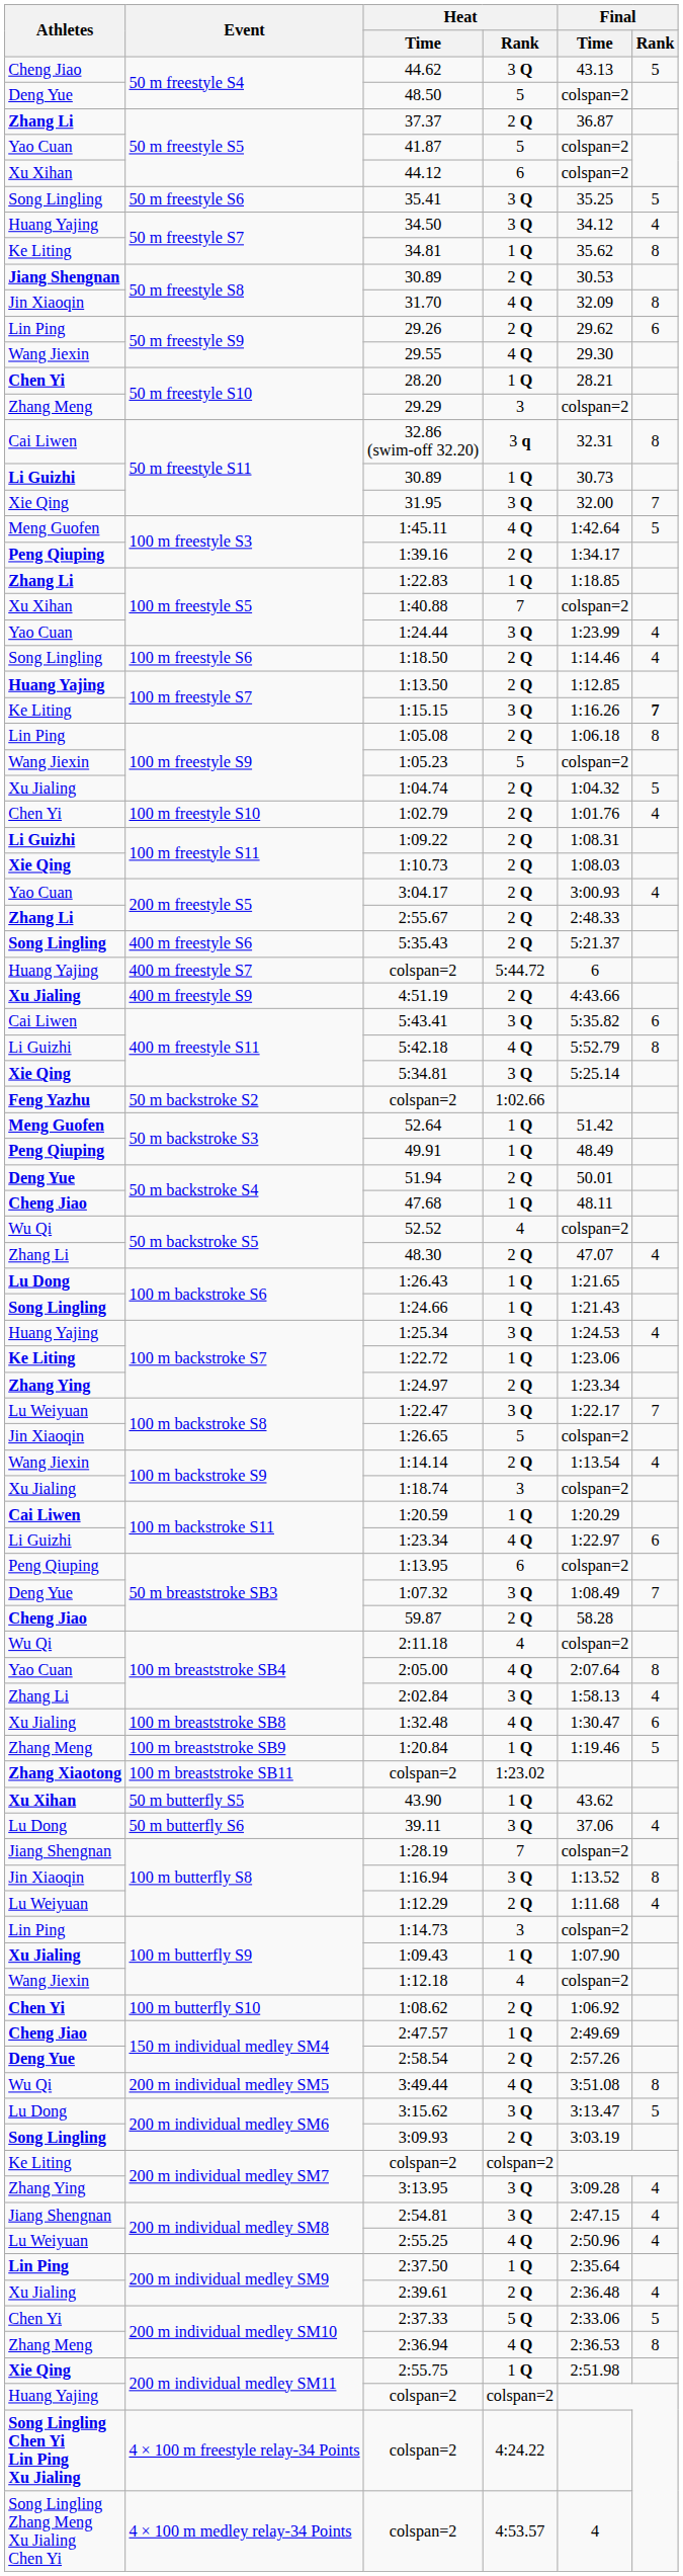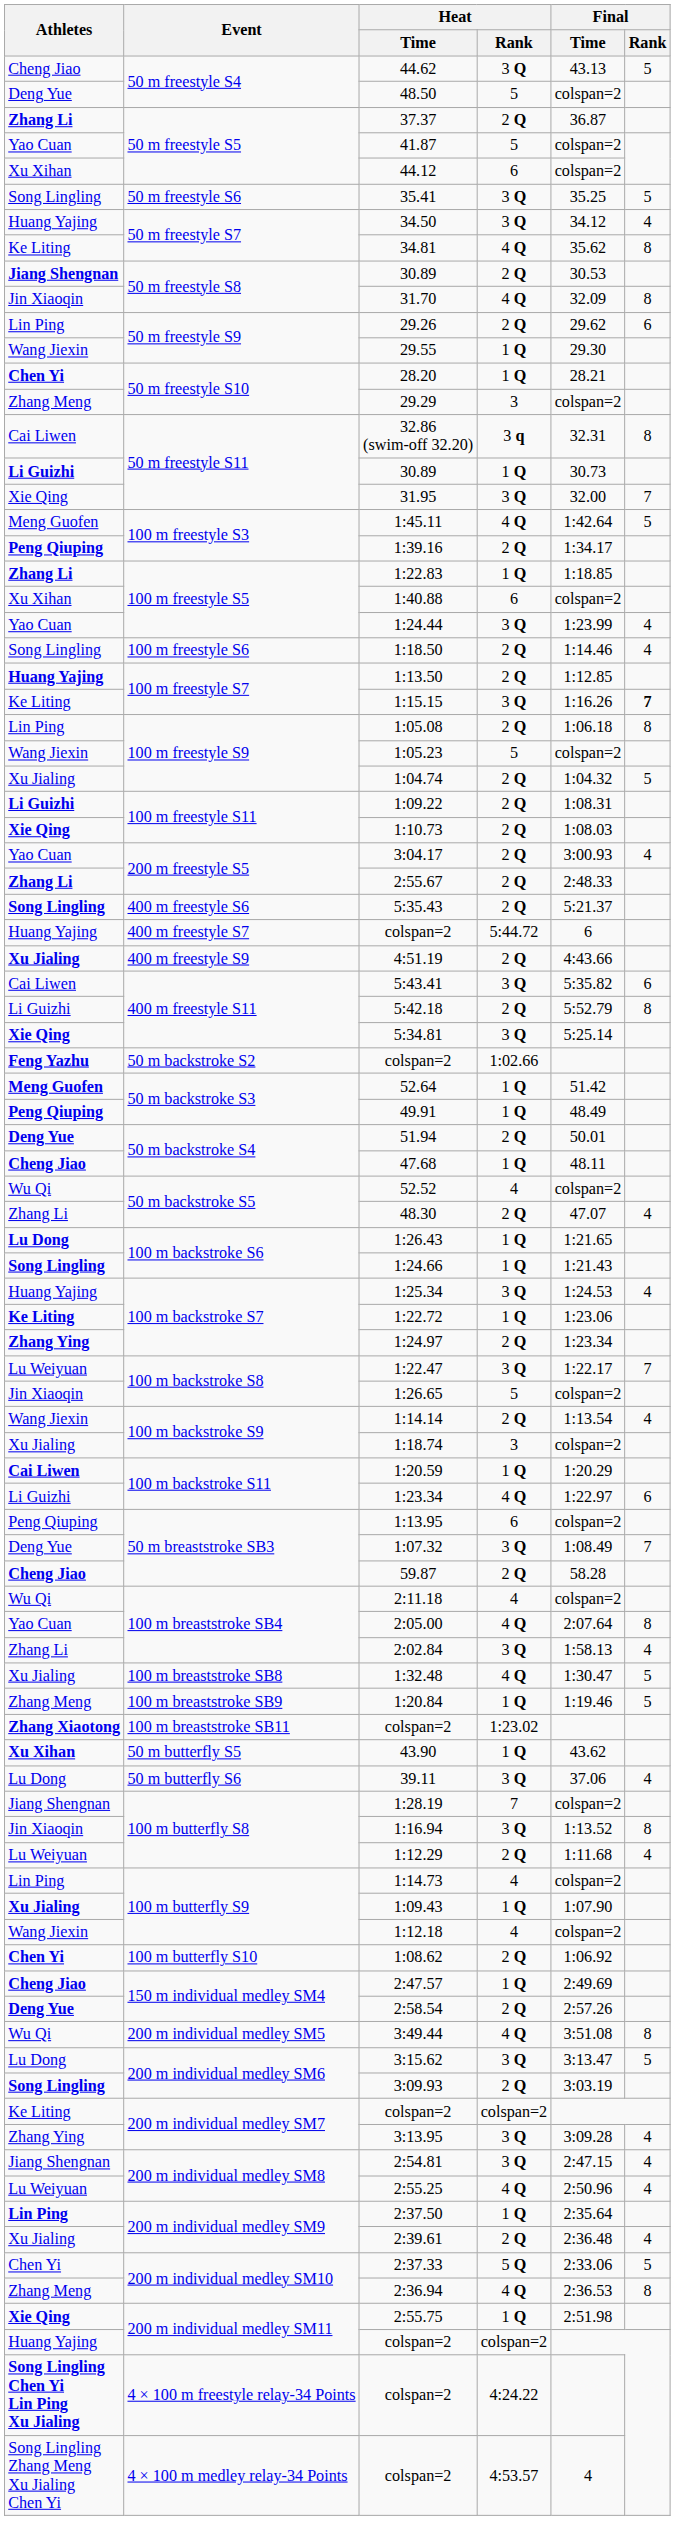 <table class=wikitable>
 <tr>
 <th rowspan="2">Athletes</th>
 <th rowspan="2">Event</th>
 <th colspan="2">Heat</th>
 <th colspan="2">Final</th>
 </tr>
 <tr>
 <th>Time</th>
 <th>Rank</th>
 <th>Time</th>
 <th>Rank</th>
 </tr>
 <tr align=center>
 <td align=left><a href='#'>Cheng Jiao</a></td>
 <td align=left rowspan=2><a href='#'>50 m freestyle S4</a></td>
 <td>44.62</td>
 <td>3 <strong>Q</strong></td>
 <td>43.13</td>
 <td>5</td>
 </tr>
 <tr align=center>
 <td align=left><a href='#'>Deng Yue</a></td>
 <td>48.50</td>
 <td>5</td>
 <td>colspan=2</td>
 </tr>
 <tr align=center>
 <td align=left><strong><a href='#'>Zhang Li</a></strong></td>
 <td align=left rowspan=3><a href='#'>50 m freestyle S5</a></td>
 <td>37.37</td>
 <td>2 <strong>Q</strong></td>
 <td>36.87</td>
 <td></td>
 </tr>
 <tr align=center>
 <td align=left><a href='#'>Yao Cuan</a></td>
 <td>41.87</td>
 <td>5</td>
 <td>colspan=2</td>
 </tr>
 <tr align=center>
 <td align=left><a href='#'>Xu Xihan</a></td>
 <td>44.12</td>
 <td>6</td>
 <td>colspan=2</td>
 </tr>
 <tr align=center>
 <td align=left><a href='#'>Song Lingling</a></td>
 <td align=left><a href='#'>50 m freestyle S6</a></td>
 <td>35.41</td>
 <td>3 <strong>Q</strong></td>
 <td>35.25</td>
 <td>5</td>
 </tr>
 <tr align=center>
 <td align=left><a href='#'>Huang Yajing</a></td>
 <td align=left rowspan=2><a href='#'>50 m freestyle S7</a></td>
 <td>34.50</td>
 <td>3 <strong>Q</strong></td>
 <td>34.12</td>
 <td>4</td>
 </tr>
 <tr align=center>
 <td align=left><a href='#'>Ke Liting</a></td>
 <td>34.81</td>
-<td>1 <strong>Q</strong></td>
+<td>4 <strong>Q</strong></td>
 <td>35.62</td>
 <td>8</td>
 </tr>
 <tr align=center>
 <td align=left><strong><a href='#'>Jiang Shengnan</a></strong></td>
 <td align=left rowspan=2><a href='#'>50 m freestyle S8</a></td>
 <td>30.89</td>
 <td>2 <strong>Q</strong></td>
 <td>30.53</td>
 <td></td>
 </tr>
 <tr align=center>
 <td align=left><a href='#'>Jin Xiaoqin</a></td>
 <td>31.70</td>
 <td>4 <strong>Q</strong></td>
 <td>32.09</td>
 <td>8</td>
 </tr>
 <tr align=center>
 <td align=left><a href='#'>Lin Ping</a></td>
 <td align=left rowspan=2><a href='#'>50 m freestyle S9</a></td>
 <td>29.26</td>
 <td>2 <strong>Q</strong></td>
 <td>29.62</td>
 <td>6</td>
 </tr>
 <tr align=center>
 <td align=left><a href='#'>Wang Jiexin</a></td>
 <td>29.55</td>
-<td>4 <strong>Q</strong></td>
+<td>1 <strong>Q</strong></td>
 <td>29.30</td>
 <td></td>
 </tr>
 <tr align=center>
 <td align=left><strong><a href='#'>Chen Yi</a></strong></td>
 <td align=left rowspan=2><a href='#'>50 m freestyle S10</a></td>
 <td>28.20</td>
 <td>1 <strong>Q</strong></td>
 <td>28.21</td>
 <td></td>
 </tr>
 <tr align=center>
 <td align=left><a href='#'>Zhang Meng</a></td>
 <td>29.29</td>
 <td>3</td>
 <td>colspan=2</td>
 </tr>
 <tr align=center>
 <td align=left><a href='#'>Cai Liwen</a></td>
 <td align=left rowspan=3><a href='#'>50 m freestyle S11</a></td>
 <td>32.86<br>(swim-off 32.20)</td>
 <td>3 <strong>q</strong></td>
 <td>32.31</td>
 <td>8</td>
 </tr>
 <tr align=center>
 <td align=left><strong><a href='#'>Li Guizhi</a></strong></td>
 <td>30.89</td>
 <td>1 <strong>Q</strong></td>
 <td>30.73 </td>
 <td></td>
 </tr>
 <tr align=center>
 <td align=left><a href='#'>Xie Qing</a></td>
 <td>31.95</td>
 <td>3 <strong>Q</strong></td>
 <td>32.00</td>
 <td>7</td>
 </tr>
 <tr align=center>
 <td align=left><a href='#'>Meng Guofen</a></td>
 <td align=left rowspan=2><a href='#'>100 m freestyle S3</a></td>
 <td>1:45.11</td>
 <td>4 <strong>Q</strong></td>
 <td>1:42.64</td>
 <td>5</td>
 </tr>
 <tr align=center>
 <td align=left><strong><a href='#'>Peng Qiuping</a></strong></td>
 <td>1:39.16</td>
 <td>2 <strong>Q</strong></td>
 <td>1:34.17</td>
 <td></td>
 </tr>
 <tr align=center>
 <td align=left><strong><a href='#'>Zhang Li</a></strong></td>
 <td align=left rowspan=3><a href='#'>100 m freestyle S5</a></td>
 <td>1:22.83</td>
 <td>1 <strong>Q</strong></td>
 <td>1:18.85</td>
 <td></td>
 </tr>
 <tr align=center>
 <td align=left><a href='#'>Xu Xihan</a></td>
 <td>1:40.88</td>
-<td>7</td>
+<td>6</td>
 <td>colspan=2</td>
 </tr>
 <tr align=center>
 <td align=left><a href='#'>Yao Cuan</a></td>
 <td>1:24.44</td>
 <td>3 <strong>Q</strong></td>
 <td>1:23.99</td>
 <td>4</td>
 </tr>
 <tr align=center>
 <td align=left><a href='#'>Song Lingling</a></td>
 <td align=left><a href='#'>100 m freestyle S6</a></td>
 <td>1:18.50</td>
 <td>2 <strong>Q</strong></td>
 <td>1:14.46</td>
 <td>4</td>
 </tr>
 <tr align=center>
 <td align=left><strong><a href='#'>Huang Yajing</a></strong></td>
 <td align=left rowspan=2><a href='#'>100 m freestyle S7</a></td>
 <td>1:13.50</td>
 <td>2 <strong>Q</strong></td>
 <td>1:12.85</td>
 <td></td>
 </tr>
 <tr align=center>
 <td align=left><a href='#'>Ke Liting</a></td>
 <td>1:15.15</td>
 <td>3 <strong>Q</strong></td>
 <td>1:16.26</td>
 <td><strong>7</strong></td>
 </tr>
 <tr align=center>
 <td align=left><a href='#'>Lin Ping</a></td>
 <td align=left rowspan=3><a href='#'>100 m freestyle S9</a></td>
 <td>1:05.08</td>
 <td>2 <strong>Q</strong></td>
 <td>1:06.18</td>
 <td>8</td>
 </tr>
 <tr align=center>
 <td align=left><a href='#'>Wang Jiexin</a></td>
 <td>1:05.23</td>
 <td>5</td>
 <td>colspan=2</td>
 </tr>
 <tr align=center>
 <td align=left><a href='#'>Xu Jialing</a></td>
 <td>1:04.74</td>
 <td>2 <strong>Q</strong></td>
 <td>1:04.32</td>
 <td>5</td>
-</tr>
-<tr align=center>
-<td align=left><a href='#'>Chen Yi</a></td>
-<td align=left><a href='#'>100 m freestyle S10</a></td>
-<td>1:02.79</td>
-<td>2 <strong>Q</strong></td>
-<td>1:01.76</td>
-<td>4</td>
 </tr>
 <tr align=center>
 <td align=left><strong><a href='#'>Li Guizhi</a></strong></td>
 <td align=left rowspan=2><a href='#'>100 m freestyle S11</a></td>
 <td>1:09.22</td>
 <td>2 <strong>Q</strong></td>
 <td>1:08.31</td>
 <td></td>
 </tr>
 <tr align=center>
 <td align=left><strong><a href='#'>Xie Qing</a></strong></td>
 <td>1:10.73</td>
 <td>2 <strong>Q</strong></td>
 <td>1:08.03</td>
 <td></td>
 </tr>
 <tr align=center>
 <td align=left><a href='#'>Yao Cuan</a></td>
 <td align=left rowspan=2><a href='#'>200 m freestyle S5</a></td>
 <td>3:04.17</td>
 <td>2 <strong>Q</strong></td>
 <td>3:00.93</td>
 <td>4</td>
 </tr>
 <tr align=center>
 <td align=left><strong><a href='#'>Zhang Li</a></strong></td>
 <td>2:55.67</td>
 <td>2 <strong>Q</strong></td>
 <td>2:48.33</td>
 <td></td>
 </tr>
 <tr align=center>
 <td align=left><strong><a href='#'>Song Lingling</a></strong></td>
 <td align=left><a href='#'>400 m freestyle S6</a></td>
 <td>5:35.43</td>
 <td>2 <strong>Q</strong></td>
 <td>5:21.37</td>
 <td></td>
 </tr>
 <tr align=center>
 <td align=left><a href='#'>Huang Yajing</a></td>
 <td align=left><a href='#'>400 m freestyle S7</a></td>
 <td>colspan=2 </td>
 <td>5:44.72</td>
 <td>6</td>
 </tr>
 <tr align=center>
 <td align=left><strong><a href='#'>Xu Jialing</a></strong></td>
 <td align=left><a href='#'>400 m freestyle S9</a></td>
 <td>4:51.19</td>
 <td>2 <strong>Q</strong></td>
 <td>4:43.66</td>
 <td></td>
 </tr>
 <tr align=center>
 <td align=left><a href='#'>Cai Liwen</a></td>
 <td align=left rowspan=3><a href='#'>400 m freestyle S11</a></td>
 <td>5:43.41</td>
 <td>3 <strong>Q</strong></td>
 <td>5:35.82</td>
 <td>6</td>
 </tr>
 <tr align=center>
 <td align=left><a href='#'>Li Guizhi</a></td>
 <td>5:42.18</td>
-<td>4 <strong>Q</strong></td>
+<td>2 <strong>Q</strong></td>
 <td>5:52.79</td>
 <td>8</td>
 </tr>
 <tr align=center>
 <td align=left><strong><a href='#'>Xie Qing</a></strong></td>
 <td>5:34.81</td>
 <td>3 <strong>Q</strong></td>
 <td>5:25.14</td>
 <td></td>
 </tr>
 <tr align=center>
 <td align=left><strong><a href='#'>Feng Yazhu</a></strong></td>
 <td align=left><a href='#'>50 m backstroke S2</a></td>
 <td>colspan=2 </td>
 <td>1:02.66</td>
 <td></td>
 </tr>
 <tr align=center>
 <td align=left><strong><a href='#'>Meng Guofen</a></strong></td>
 <td align=left rowspan=2><a href='#'>50 m backstroke S3</a></td>
 <td>52.64</td>
 <td>1 <strong>Q</strong></td>
 <td>51.42</td>
 <td></td>
 </tr>
 <tr align=center>
 <td align=left><strong><a href='#'>Peng Qiuping</a></strong></td>
 <td>49.91 </td>
 <td>1 <strong>Q</strong></td>
 <td>48.49 </td>
 <td></td>
 </tr>
 <tr align=center>
 <td align=left><strong><a href='#'>Deng Yue</a></strong></td>
 <td align=left rowspan=2><a href='#'>50 m backstroke S4</a></td>
 <td>51.94</td>
 <td>2 <strong>Q</strong></td>
 <td>50.01</td>
 <td></td>
 </tr>
 <tr align=center>
 <td align=left><strong><a href='#'>Cheng Jiao</a></strong></td>
 <td>47.68 </td>
 <td>1 <strong>Q</strong></td>
 <td>48.11</td>
 <td></td>
 </tr>
 <tr align=center>
 <td align=left><a href='#'>Wu Qi</a></td>
 <td align=left rowspan=2><a href='#'>50 m backstroke S5</a></td>
 <td>52.52</td>
 <td>4</td>
 <td>colspan=2 </td>
 </tr>
 <tr align=center>
 <td align=left><a href='#'>Zhang Li</a></td>
 <td>48.30</td>
 <td>2 <strong>Q</strong></td>
 <td>47.07</td>
 <td>4</td>
 </tr>
 <tr align=center>
 <td align=left><strong><a href='#'>Lu Dong</a></strong></td>
 <td align=left rowspan=2><a href='#'>100 m backstroke S6</a></td>
 <td>1:26.43</td>
 <td>1 <strong>Q</strong></td>
 <td>1:21.65</td>
 <td></td>
 </tr>
 <tr align=center>
 <td align=left><strong><a href='#'>Song Lingling</a></strong></td>
 <td>1:24.66 </td>
 <td>1 <strong>Q</strong></td>
 <td>1:21.43</td>
 <td></td>
 </tr>
 <tr align=center>
 <td align=left><a href='#'>Huang Yajing</a></td>
 <td align=left rowspan=3><a href='#'>100 m backstroke S7</a></td>
 <td>1:25.34</td>
 <td>3 <strong>Q</strong></td>
 <td>1:24.53</td>
 <td>4</td>
 </tr>
 <tr align=center>
 <td align=left><strong><a href='#'>Ke Liting</a></strong></td>
 <td>1:22.72</td>
 <td>1 <strong>Q</strong></td>
 <td>1:23.06</td>
 <td></td>
 </tr>
 <tr align=center>
 <td align=left><strong><a href='#'>Zhang Ying</a></strong></td>
 <td>1:24.97</td>
 <td>2 <strong>Q</strong></td>
 <td>1:23.34</td>
 <td></td>
 </tr>
 <tr align=center>
 <td align=left><a href='#'>Lu Weiyuan</a></td>
 <td align=left rowspan=2><a href='#'>100 m backstroke S8</a></td>
 <td>1:22.47</td>
 <td>3 <strong>Q</strong></td>
 <td>1:22.17</td>
 <td>7</td>
 </tr>
 <tr align=center>
 <td align=left><a href='#'>Jin Xiaoqin</a></td>
 <td>1:26.65</td>
 <td>5</td>
 <td>colspan=2 </td>
 </tr>
 <tr align=center>
 <td align=left><a href='#'>Wang Jiexin</a></td>
 <td align=left rowspan=2><a href='#'>100 m backstroke S9</a></td>
 <td>1:14.14</td>
 <td>2 <strong>Q</strong></td>
 <td>1:13.54</td>
 <td>4</td>
 </tr>
 <tr align=center>
 <td align=left><a href='#'>Xu Jialing</a></td>
 <td>1:18.74</td>
 <td>3</td>
 <td>colspan=2 </td>
 </tr>
 <tr align=center>
 <td align=left><strong><a href='#'>Cai Liwen</a></strong></td>
 <td align=left rowspan=2><a href='#'>100 m backstroke S11</a></td>
 <td>1:20.59</td>
 <td>1 <strong>Q</strong></td>
 <td>1:20.29</td>
 <td></td>
 </tr>
 <tr align=center>
 <td align=left><a href='#'>Li Guizhi</a></td>
 <td>1:23.34</td>
 <td>4 <strong>Q</strong></td>
 <td>1:22.97</td>
 <td>6</td>
 </tr>
 <tr align=center>
 <td align=left><a href='#'>Peng Qiuping</a></td>
 <td align=left rowspan=3><a href='#'>50 m breaststroke SB3</a></td>
 <td>1:13.95</td>
 <td>6</td>
 <td>colspan=2</td>
 </tr>
 <tr align=center>
 <td align=left><a href='#'>Deng Yue</a></td>
 <td>1:07.32</td>
 <td>3 <strong>Q</strong></td>
 <td>1:08.49</td>
 <td>7</td>
 </tr>
 <tr align=center>
 <td align=left><strong><a href='#'>Cheng Jiao</a></strong></td>
 <td>59.87</td>
 <td>2 <strong>Q</strong></td>
 <td>58.28</td>
 <td></td>
 </tr>
 <tr align=center>
 <td align=left><a href='#'>Wu Qi</a></td>
 <td align=left rowspan=3><a href='#'>100 m breaststroke SB4</a></td>
 <td>2:11.18</td>
 <td>4</td>
 <td>colspan=2 </td>
 </tr>
 <tr align=center>
 <td align=left><a href='#'>Yao Cuan</a></td>
 <td>2:05.00</td>
 <td>4 <strong>Q</strong></td>
 <td>2:07.64</td>
 <td>8</td>
 </tr>
 <tr align=center>
 <td align=left><a href='#'>Zhang Li</a></td>
 <td>2:02.84</td>
 <td>3 <strong>Q</strong></td>
 <td>1:58.13</td>
 <td>4</td>
 </tr>
 <tr align=center>
 <td align=left><a href='#'>Xu Jialing</a></td>
 <td align=left><a href='#'>100 m breaststroke SB8</a></td>
 <td>1:32.48</td>
 <td>4 <strong>Q</strong></td>
 <td>1:30.47</td>
-<td>6</td>
+<td>5</td>
 </tr>
 <tr align=center>
 <td align=left><a href='#'>Zhang Meng</a></td>
 <td align=left><a href='#'>100 m breaststroke SB9</a></td>
 <td>1:20.84</td>
 <td>1 <strong>Q</strong></td>
 <td>1:19.46</td>
 <td>5</td>
 </tr>
 <tr align=center>
 <td align=left><strong><a href='#'>Zhang Xiaotong</a></strong></td>
 <td align=left><a href='#'>100 m breaststroke SB11</a></td>
 <td>colspan=2</td>
 <td>1:23.02</td>
 <td></td>
 </tr>
 <tr align=center>
 <td align=left><strong><a href='#'>Xu Xihan</a></strong></td>
 <td align=left><a href='#'>50 m butterfly S5</a></td>
 <td>43.90</td>
 <td>1 <strong>Q</strong></td>
 <td>43.62</td>
 <td></td>
 </tr>
 <tr align=center>
 <td align=left><a href='#'>Lu Dong</a></td>
 <td align=left><a href='#'>50 m butterfly S6</a></td>
 <td>39.11</td>
 <td>3 <strong>Q</strong></td>
 <td>37.06</td>
 <td>4</td>
 </tr>
 <tr align=center>
 <td align=left><a href='#'>Jiang Shengnan</a></td>
 <td align=left rowspan=3><a href='#'>100 m butterfly S8</a></td>
 <td>1:28.19</td>
 <td>7</td>
 <td>colspan=2</td>
 </tr>
 <tr align=center>
 <td align=left><a href='#'>Jin Xiaoqin</a></td>
 <td>1:16.94</td>
 <td>3 <strong>Q</strong></td>
 <td>1:13.52</td>
 <td>8</td>
 </tr>
 <tr align=center>
 <td align=left><a href='#'>Lu Weiyuan</a></td>
 <td>1:12.29</td>
 <td>2 <strong>Q</strong></td>
 <td>1:11.68</td>
 <td>4</td>
 </tr>
 <tr align=center>
 <td align=left><a href='#'>Lin Ping</a></td>
 <td align=left rowspan=3><a href='#'>100 m butterfly S9</a></td>
 <td>1:14.73</td>
-<td>3</td>
+<td>4</td>
 <td>colspan=2</td>
 </tr>
 <tr align=center>
 <td align=left><strong><a href='#'>Xu Jialing</a></strong></td>
 <td>1:09.43</td>
 <td>1 <strong>Q</strong></td>
 <td>1:07.90</td>
 <td></td>
 </tr>
 <tr align=center>
 <td align=left><a href='#'>Wang Jiexin</a></td>
 <td>1:12.18</td>
 <td>4</td>
 <td>colspan=2</td>
 </tr>
 <tr align=center>
 <td align=left><strong><a href='#'>Chen Yi</a></strong></td>
 <td align=left><a href='#'>100 m butterfly S10</a></td>
 <td>1:08.62</td>
 <td>2 <strong>Q</strong></td>
 <td>1:06.92</td>
 <td></td>
 </tr>
 <tr align=center>
 <td align=left><strong><a href='#'>Cheng Jiao</a></strong></td>
 <td align=left rowspan=2><a href='#'>150 m individual medley SM4</a></td>
 <td>2:47.57 </td>
 <td>1 <strong>Q</strong></td>
 <td>2:49.69</td>
 <td></td>
 </tr>
 <tr align=center>
 <td align=left><strong><a href='#'>Deng Yue</a></strong></td>
 <td>2:58.54</td>
 <td>2 <strong>Q</strong></td>
 <td>2:57.26</td>
 <td></td>
 </tr>
 <tr align=center>
 <td align=left><a href='#'>Wu Qi</a></td>
 <td align=left><a href='#'>200 m individual medley SM5</a></td>
 <td>3:49.44</td>
 <td>4 <strong>Q</strong></td>
 <td>3:51.08</td>
 <td>8</td>
 </tr>
 <tr align=center>
 <td align=left><a href='#'>Lu Dong</a></td>
 <td align=left rowspan=2><a href='#'>200 m individual medley SM6</a></td>
 <td>3:15.62</td>
 <td>3 <strong>Q</strong></td>
 <td>3:13.47</td>
 <td>5</td>
 </tr>
 <tr align=center>
 <td align=left><strong><a href='#'>Song Lingling</a></strong></td>
 <td>3:09.93</td>
 <td>2 <strong>Q</strong></td>
 <td>3:03.19</td>
 <td></td>
 </tr>
 <tr align=center>
 <td align=left><a href='#'>Ke Liting</a></td>
 <td align=left rowspan=2><a href='#'>200 m individual medley SM7</a></td>
 <td>colspan=2 </td>
 <td>colspan=2 </td>
 </tr>
 <tr align=center>
 <td align=left><a href='#'>Zhang Ying</a></td>
 <td>3:13.95</td>
 <td>3 <strong>Q</strong></td>
 <td>3:09.28</td>
 <td>4</td>
 </tr>
 <tr align=center>
 <td align=left><a href='#'>Jiang Shengnan</a></td>
 <td align=left rowspan=2><a href='#'>200 m individual medley SM8</a></td>
 <td>2:54.81</td>
 <td>3 <strong>Q</strong></td>
 <td>2:47.15</td>
 <td>4</td>
 </tr>
 <tr align=center>
 <td align=left><a href='#'>Lu Weiyuan</a></td>
 <td>2:55.25</td>
 <td>4 <strong>Q</strong></td>
 <td>2:50.96</td>
 <td>4</td>
 </tr>
 <tr align=center>
 <td align=left><strong><a href='#'>Lin Ping</a></strong></td>
 <td align=left rowspan=2><a href='#'>200 m individual medley SM9</a></td>
 <td>2:37.50</td>
 <td>1 <strong>Q</strong></td>
 <td>2:35.64</td>
 <td></td>
 </tr>
 <tr align=center>
 <td align=left><a href='#'>Xu Jialing</a></td>
 <td>2:39.61</td>
 <td>2 <strong>Q</strong></td>
 <td>2:36.48</td>
 <td>4</td>
 </tr>
 <tr align=center>
 <td align=left><a href='#'>Chen Yi</a></td>
 <td align=left rowspan=2><a href='#'>200 m individual medley SM10</a></td>
 <td>2:37.33</td>
 <td>5 <strong>Q</strong></td>
 <td>2:33.06</td>
 <td>5</td>
 </tr>
 <tr align=center>
 <td align=left><a href='#'>Zhang Meng</a></td>
 <td>2:36.94</td>
 <td>4 <strong>Q</strong></td>
 <td>2:36.53</td>
 <td>8</td>
 </tr>
 <tr align=center>
 <td align=left><strong><a href='#'>Xie Qing</a></strong></td>
 <td align=left rowspan=2><a href='#'>200 m individual medley SM11</a></td>
 <td>2:55.75</td>
 <td>1 <strong>Q</strong></td>
 <td>2:51.98</td>
 <td></td>
 </tr>
 <tr align=center>
 <td align=left><a href='#'>Huang Yajing</a></td>
 <td>colspan=2 </td>
 <td>colspan=2 </td>
 </tr>
 <tr align=center>
 <td align=left><strong><a href='#'>Song Lingling</a><br><a href='#'>Chen Yi</a><br><a href='#'>Lin Ping</a><br><a href='#'>Xu Jialing</a></strong></td>
 <td align=left><a href='#'>4 × 100 m freestyle relay-34 Points</a></td>
 <td>colspan=2 </td>
 <td>4:24.22</td>
 <td></td>
 </tr>
 <tr align=center>
 <td align=left><a href='#'>Song Lingling</a><br><a href='#'>Zhang Meng</a><br><a href='#'>Xu Jialing</a><br><a href='#'>Chen Yi</a></td>
 <td align=left><a href='#'>4 × 100 m medley relay-34 Points</a></td>
 <td>colspan=2 </td>
 <td>4:53.57</td>
 <td>4</td>
 </tr>
 </table>
